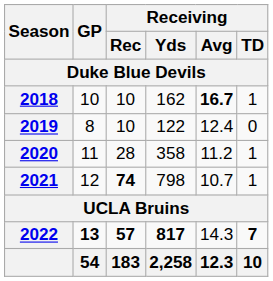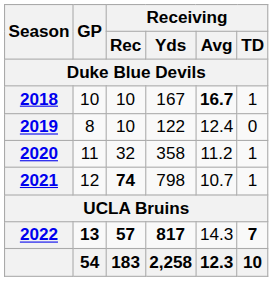 <table class="wikitable" style="text-align:center;">
 <tr>
 <th rowspan="2">Season</th>
 <th rowspan="2">GP</th>
 <th colspan="4">Receiving</th>
 </tr>
 <tr>
 <th>Rec</th>
 <th>Yds</th>
 <th>Avg</th>
 <th>TD</th>
 </tr>
 <tr>
 <th colspan="8">Duke Blue Devils</th>
 </tr>
 <tr>
 <th><a href='#'>2018</a></th>
 <td>10</td>
 <td>10</td>
-<td>162</td>
+<td>167</td>
 <td><strong>16.7</strong></td>
 <td>1</td>
 </tr>
 <tr>
 <th><a href='#'>2019</a></th>
 <td>8</td>
 <td>10</td>
 <td>122</td>
 <td>12.4</td>
 <td>0</td>
 </tr>
 <tr>
 <th><a href='#'>2020</a></th>
 <td>11</td>
-<td>28</td>
+<td>32</td>
 <td>358</td>
 <td>11.2</td>
 <td>1</td>
 </tr>
 <tr>
 <th><a href='#'>2021</a></th>
 <td>12</td>
 <td><strong>74</strong></td>
 <td>798</td>
 <td>10.7</td>
 <td>1</td>
 </tr>
 <tr>
 <th colspan="8">UCLA Bruins</th>
 </tr>
 <tr>
 <th><a href='#'>2022</a></th>
 <td><strong>13</strong></td>
 <td><strong>57</strong></td>
 <td><strong>817</strong></td>
 <td>14.3</td>
 <td><strong>7</strong></td>
 </tr>
 <tr>
 <th></th>
 <th>54</th>
 <th>183</th>
 <th>2,258</th>
 <th>12.3</th>
 <th>10</th>
 </tr>
 </table>
